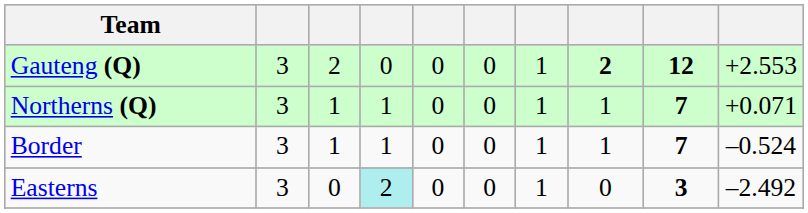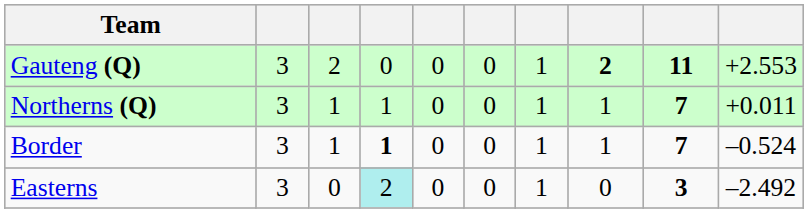 <table class="wikitable" style="text-align:center">
 <tr>
 <th width="150">Team</th>
 <th width="25"></th>
 <th width="25"></th>
 <th width="25"></th>
 <th width="25"></th>
 <th width="25"></th>
 <th width="25"></th>
 <th width="40"></th>
 <th width="40"></th>
 <th width="45"></th>
 </tr>
 <tr style="background:#cfc">
 <td style="text-align:left"><a href='#'>Gauteng</a> <strong>(Q)</strong></td>
 <td>3</td>
 <td>2</td>
 <td>0</td>
 <td>0</td>
 <td>0</td>
 <td>1</td>
 <td><strong>2</strong></td>
-<td><strong>12</strong></td>
+<td><strong>11</strong></td>
 <td>+2.553</td>
 </tr>
 <tr style="background:#cfc">
 <td style="text-align:left"><a href='#'>Northerns</a> <strong>(Q)</strong></td>
 <td>3</td>
 <td>1</td>
 <td>1</td>
 <td>0</td>
 <td>0</td>
 <td>1</td>
 <td>1</td>
 <td><strong>7</strong></td>
-<td>+0.071</td>
+<td>+0.011</td>
 </tr>
 <tr>
 <td style="text-align:left"><a href='#'>Border</a></td>
 <td>3</td>
 <td>1</td>
-<td>1</td>
+<td><strong>1</strong></td>
 <td>0</td>
 <td>0</td>
 <td>1</td>
 <td>1</td>
 <td><strong>7</strong></td>
 <td>–0.524</td>
 </tr>
 <tr>
 <td style="text-align:left"><a href='#'>Easterns</a></td>
 <td>3</td>
 <td>0</td>
 <td style="background: paleturquoise;">2</td>
 <td>0</td>
 <td>0</td>
 <td>1</td>
 <td>0</td>
 <td><strong>3</strong></td>
 <td>–2.492</td>
 </tr>
 </table>
